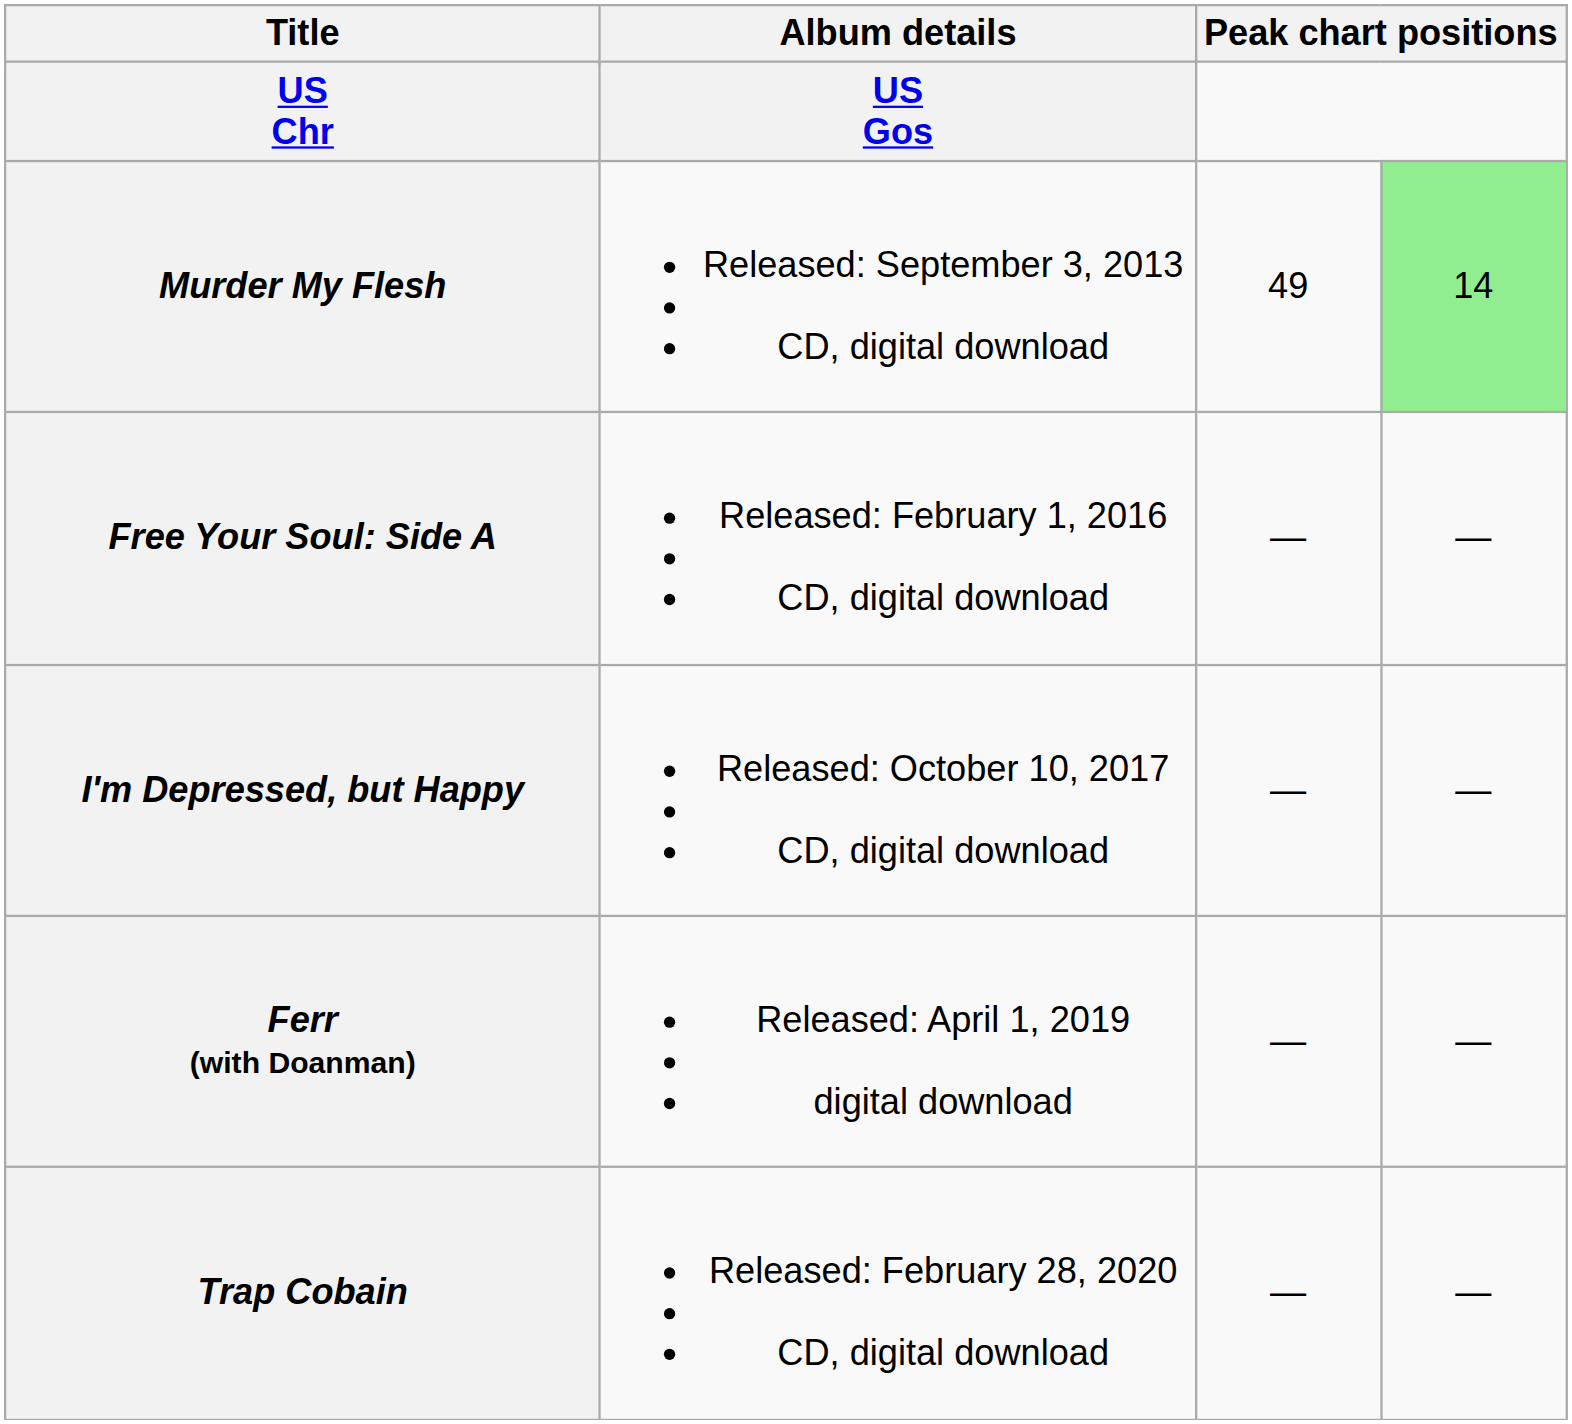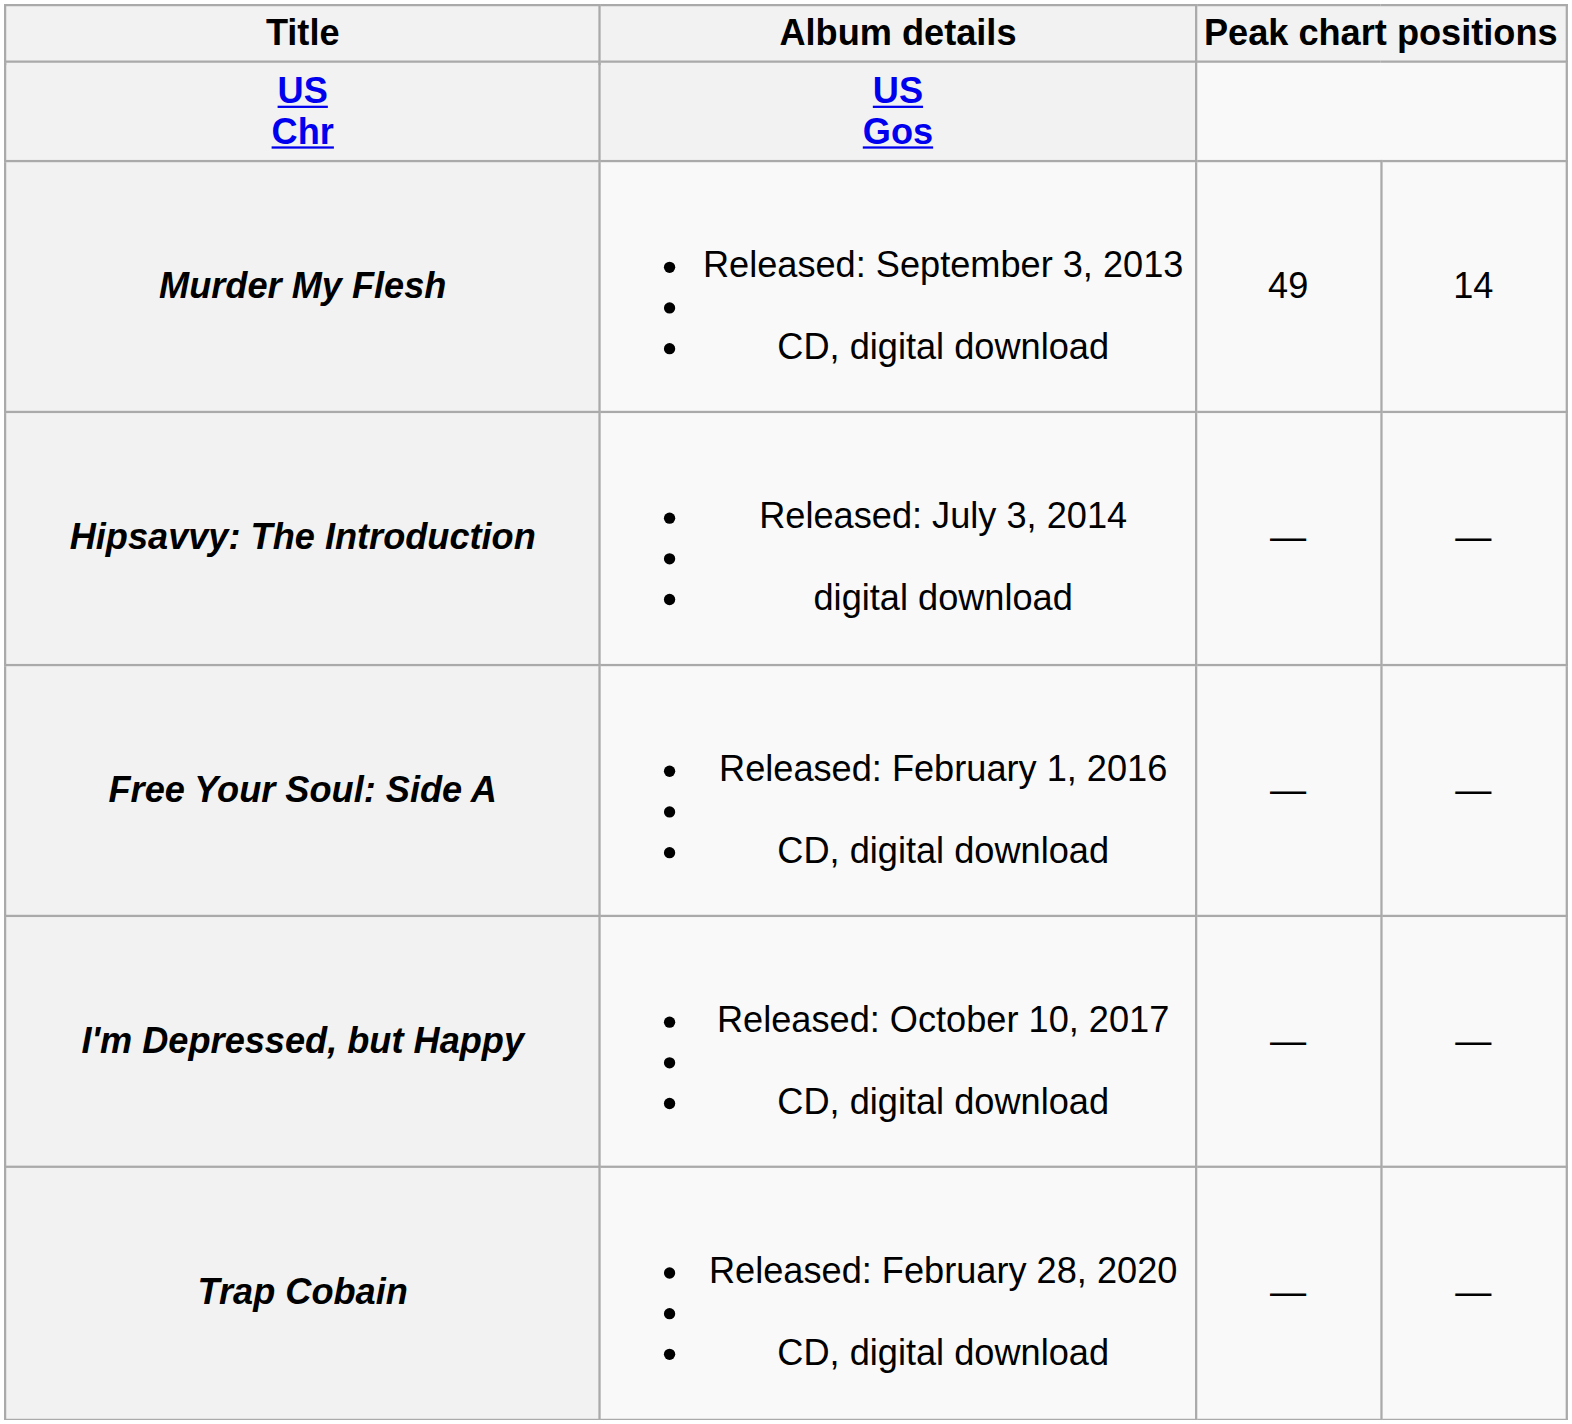 <table class="wikitable plainrowheaders" style="text-align:center;">
 <tr>
 <th scope="col" rowspan="2" style="width:16em;">Title</th>
 <th scope="col" rowspan="2" style="width:16em;">Album details</th>
 <th scope="col" colspan="2">Peak chart positions</th>
 </tr>
 <tr>
 </tr>
 <tr>
 <th style="width:3em"><a href='#'>US<br>Chr</a></th>
 <th style="width:3em'"><a href='#'>US<br>Gos</a></th>
 </tr>
 <tr>
 <th style="width:3em"><em>Murder My Flesh</em></th>
 <td><br><ul><li>Released: September 3, 2013</li><li></li><li>CD, digital download</li></ul></td>
 <td>49</td>
-<td style="background: lightgreen;">14</td>
+<td>14</td>
+</tr>
+<tr>
+<th style="width:3em"><em>Hipsavvy: The Introduction</em></th>
+<td><br><ul><li>Released: July 3, 2014</li><li></li><li>digital download</li></ul></td>
+<td>—</td>
+<td>—</td>
 </tr>
 <tr>
 <th style="width:3em"><em>Free Your Soul: Side A</em></th>
 <td><br><ul><li>Released: February 1, 2016</li><li></li><li>CD, digital download</li></ul></td>
 <td>—</td>
 <td>—</td>
 </tr>
 <tr>
 <th style="width:3em"><em>I'm Depressed, but Happy</em></th>
 <td><br><ul><li>Released: October 10, 2017</li><li></li><li>CD, digital download</li></ul></td>
 <td>—</td>
 <td>—</td>
 </tr>
 <tr>
-<th style="width:3em"><em>Ferr</em><br><small>(with Doanman)</small></th>
-<td><br><ul><li>Released: April 1, 2019</li><li></li><li>digital download</li></ul></td>
-<td>—</td>
-<td>—</td>
-</tr>
-<tr>
 <th style="width:3em"><em>Trap Cobain</em></th>
 <td><br><ul><li>Released: February 28, 2020</li><li></li><li>CD, digital download</li></ul></td>
 <td>—</td>
 <td>—</td>
 </tr>
 </table>
